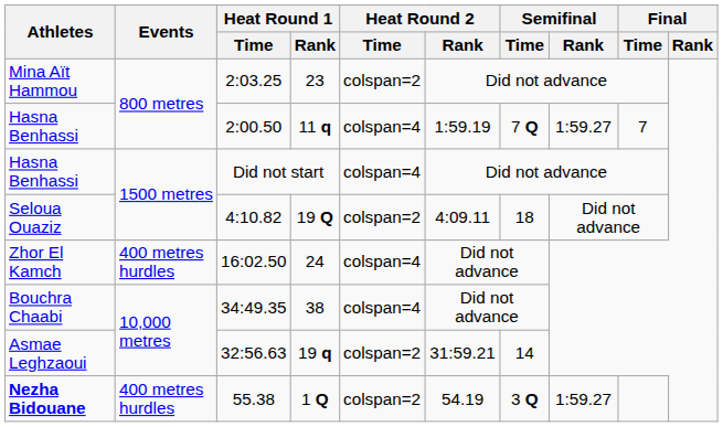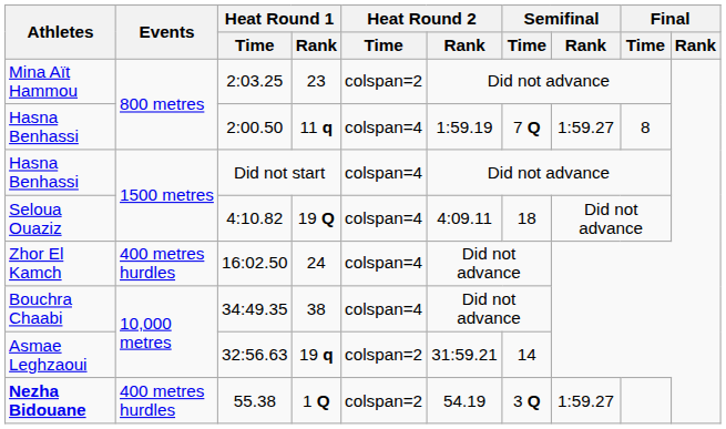 <table class=wikitable style=font-size:90%>
 <tr>
 <th rowspan=2>Athletes</th>
 <th rowspan=2>Events</th>
 <th colspan=2>Heat Round 1</th>
 <th colspan=2>Heat Round 2</th>
 <th colspan=2>Semifinal</th>
 <th colspan=2>Final</th>
 </tr>
 <tr>
 <th>Time</th>
 <th>Rank</th>
 <th>Time</th>
 <th>Rank</th>
 <th>Time</th>
 <th>Rank</th>
 <th>Time</th>
 <th>Rank</th>
 </tr>
 <tr>
 <td><a href='#'>Mina Aït Hammou</a></td>
 <td rowspan=2><a href='#'>800 metres</a></td>
 <td align=center>2:03.25</td>
 <td align=center>23</td>
 <td>colspan=2</td>
 <td align=center colspan=4>Did not advance</td>
 </tr>
 <tr>
 <td><a href='#'>Hasna Benhassi</a></td>
 <td align=center>2:00.50</td>
 <td align=center>11 <strong>q</strong></td>
 <td>colspan=4</td>
 <td align=center>1:59.19</td>
 <td align=center>7 <strong>Q</strong></td>
 <td align=center>1:59.27</td>
-<td align=center>7</td>
+<td align=center>8</td>
 </tr>
 <tr>
 <td><a href='#'>Hasna Benhassi</a></td>
 <td rowspan=2><a href='#'>1500 metres</a></td>
 <td align=center colspan=2>Did not start</td>
 <td>colspan=4</td>
 <td align=center colspan=4>Did not advance</td>
 </tr>
 <tr>
 <td><a href='#'>Seloua Ouaziz</a></td>
 <td align=center>4:10.82</td>
 <td align=center>19 <strong>Q</strong></td>
-<td>colspan=2</td>
+<td>colspan=4</td>
 <td align=center>4:09.11</td>
 <td align=center>18</td>
 <td align=center colspan=2>Did not advance</td>
 </tr>
 <tr>
 <td><a href='#'>Zhor El Kamch</a></td>
 <td><a href='#'>400 metres hurdles</a></td>
 <td align=center>16:02.50</td>
 <td align=center>24</td>
 <td>colspan=4</td>
 <td align=center colspan=2>Did not advance</td>
 </tr>
 <tr>
 <td><a href='#'>Bouchra Chaabi</a></td>
 <td rowspan=2><a href='#'>10,000 metres</a></td>
 <td align=center>34:49.35</td>
 <td align=center>38</td>
 <td>colspan=4</td>
 <td align=center colspan=2>Did not advance</td>
 </tr>
 <tr>
 <td><a href='#'>Asmae Leghzaoui</a></td>
 <td align=center>32:56.63</td>
 <td align=center>19 <strong>q</strong></td>
 <td>colspan=2</td>
 <td align=center>31:59.21</td>
 <td align=center>14</td>
 </tr>
 <tr>
 <td><strong><a href='#'>Nezha Bidouane</a></strong></td>
 <td><a href='#'>400 metres hurdles</a></td>
 <td align=center>55.38</td>
 <td align=center>1 <strong>Q</strong></td>
 <td>colspan=2</td>
 <td align=center>54.19</td>
 <td align=center>3 <strong>Q</strong></td>
 <td align=center>1:59.27</td>
 <td align=center></td>
 </tr>
 </table>
